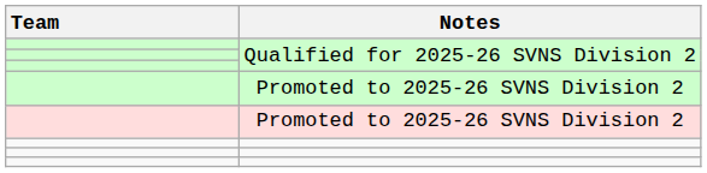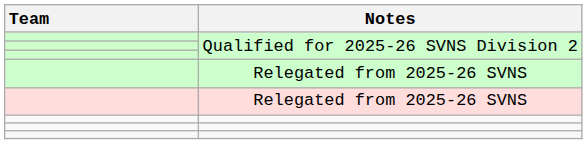 <table class="wikitable" style="text-align:center; padding-bottom:0;">
 <tr>
 <th style="width:11em; text-align:left;">Team</th>
 <th>Notes</th>
 </tr>
 <tr bgcolor=#cfc>
 <td align=left></td>
 <td rowspan="3">Qualified for 2025-26 SVNS Division 2</td>
 </tr>
 <tr bgcolor=#cfc>
 <td align=left></td>
 </tr>
 <tr bgcolor=#cfc>
 <td align=left></td>
 </tr>
 <tr bgcolor=#cfc>
 <td align=left></td>
-<td>Promoted to 2025-26 SVNS Division 2</td>
+<td>Relegated from 2025-26 SVNS</td>
 </tr>
 <tr bgcolor=#fdd>
 <td align=left></td>
-<td>Promoted to 2025-26 SVNS Division 2</td>
+<td>Relegated from 2025-26 SVNS</td>
 </tr>
 <tr>
 <td align=left></td>
 <td></td>
 </tr>
 <tr>
 <td align=left></td>
 <td></td>
 </tr>
 <tr>
 <td align=left></td>
 <td></td>
 </tr>
 </table>
